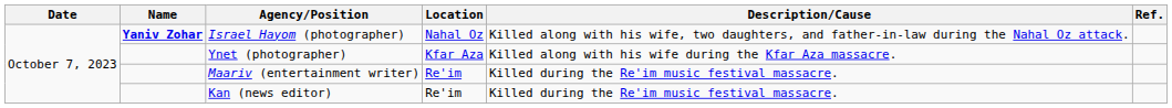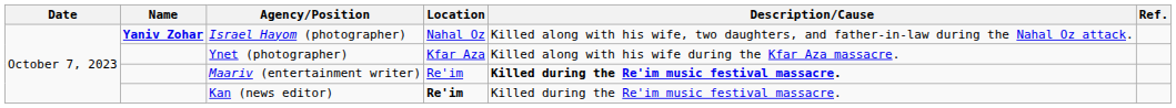 <table class="wikitable static-row-numbers">
 <tr>
 <th scope="col" style="min-width: 90px;">Date</th>
 <th>Name</th>
 <th>Agency/Position</th>
 <th>Location</th>
 <th>Description/Cause</th>
 <th>Ref.</th>
 </tr>
 <tr>
 <td rowspan="4">October 7, 2023</td>
 <td><strong><a href='#'>Yaniv Zohar</a></strong></td>
 <td><em><a href='#'>Israel Hayom</a></em> (photographer)</td>
 <td><a href='#'>Nahal Oz</a></td>
 <td>Killed along with his wife, two daughters, and father-in-law during the <a href='#'>Nahal Oz attack</a>.</td>
 <td></td>
 </tr>
 <tr>
 <td><strong></strong></td>
 <td><a href='#'>Ynet</a> (photographer)</td>
 <td><a href='#'>Kfar Aza</a></td>
 <td>Killed along with his wife during the <a href='#'>Kfar Aza massacre</a>.</td>
 <td></td>
 </tr>
 <tr>
 <td><strong></strong></td>
 <td><a href='#'><em>Maariv</em></a> (entertainment writer)</td>
 <td><a href='#'>Re'im</a></td>
-<td>Killed during the <a href='#'>Re'im music festival massacre</a>.</td>
+<td><strong>Killed during the <a href='#'>Re'im music festival massacre</a>.</strong></td>
 <td></td>
 </tr>
 <tr>
 <td><strong></strong></td>
 <td><a href='#'>Kan</a> (news editor)</td>
-<td>Re'im</td>
+<td><strong>Re'im</strong></td>
 <td>Killed during the <a href='#'>Re'im music festival massacre</a>.</td>
 <td></td>
 </tr>
 </table>
